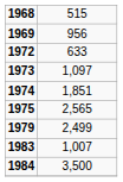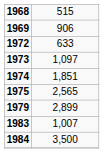 <table class="wikitable" style="text-align: center">
 <tr>
 <td><strong>1968</strong></td>
 <td scope="col" style="width: 100px;">515</td>
 </tr>
 <tr>
 <td><strong>1969</strong></td>
-<td scope="col" style="width: 100px;">956</td>
+<td scope="col" style="width: 100px;">906</td>
 </tr>
 <tr>
 <td><strong>1972</strong></td>
 <td scope="col" style="width: 100px;">633</td>
 </tr>
 <tr>
 <td><strong>1973</strong></td>
 <td scope="col" style="width: 100px;">1,097</td>
 </tr>
 <tr>
 <td><strong>1974</strong></td>
 <td scope="col" style="width: 100px;">1,851</td>
 </tr>
 <tr>
 <td><strong>1975</strong></td>
 <td scope="col" style="width: 100px;">2,565</td>
 </tr>
 <tr>
 <td><strong>1979</strong></td>
-<td scope="col" style="width: 100px;">2,499</td>
+<td scope="col" style="width: 100px;">2,899</td>
 </tr>
 <tr>
 <td><strong>1983</strong></td>
 <td scope="col" style="width: 100px;">1,007</td>
 </tr>
 <tr>
 <td><strong>1984</strong></td>
 <td scope="col" style="width: 100px;">3,500</td>
 </tr>
 <tr>
 </tr>
 </table>
